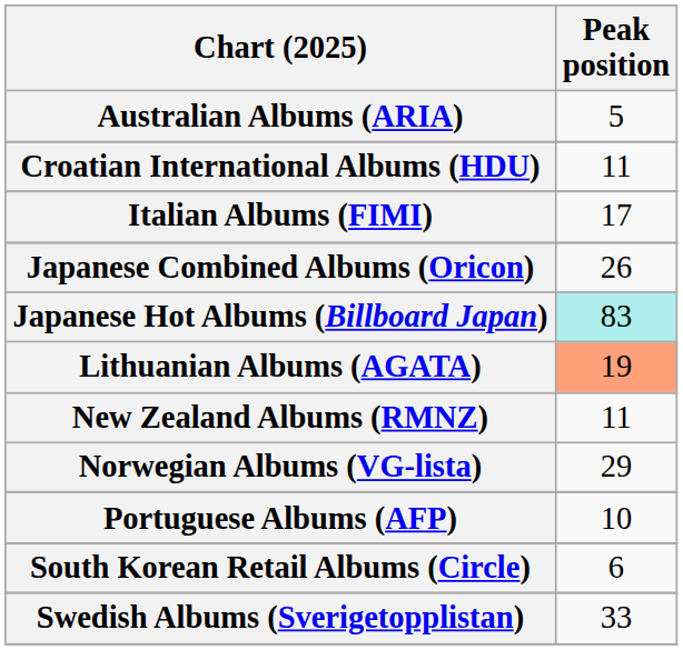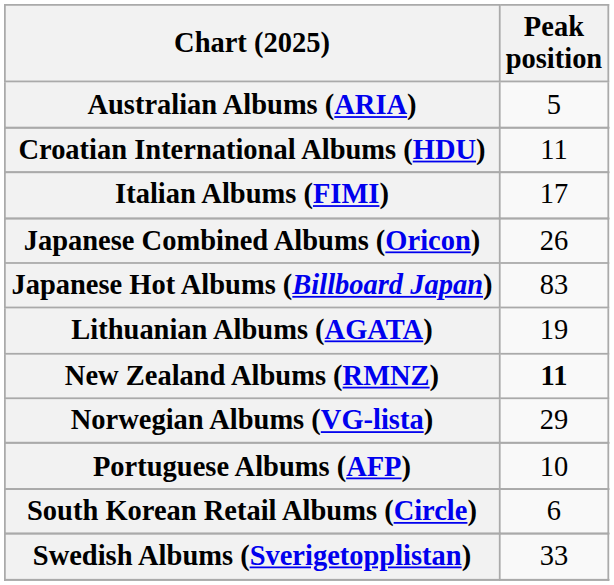 <table class="wikitable sortable plainrowheaders" style="text-align:center">
 <tr>
 <th scope="col">Chart (2025)</th>
 <th scope="col">Peak<br>position</th>
 </tr>
 <tr>
 <th scope="row">Australian Albums (<a href='#'>ARIA</a>)</th>
 <td>5</td>
 </tr>
 <tr>
 </tr>
 <tr>
 </tr>
 <tr>
 </tr>
 <tr>
 </tr>
 <tr>
 <th scope="row">Croatian International Albums (<a href='#'>HDU</a>)</th>
 <td>11</td>
 </tr>
 <tr>
 </tr>
 <tr>
 </tr>
 <tr>
 </tr>
 <tr>
 </tr>
 <tr>
 </tr>
 <tr>
 </tr>
 <tr>
 <th scope="row">Italian Albums (<a href='#'>FIMI</a>)</th>
 <td>17</td>
 </tr>
 <tr>
 </tr>
 <tr>
 <th scope="row">Japanese Combined Albums (<a href='#'>Oricon</a>)</th>
 <td>26</td>
 </tr>
 <tr>
 <th scope="row">Japanese Hot Albums (<em><a href='#'>Billboard Japan</a></em>)</th>
-<td style="background: paleturquoise;">83</td>
+<td>83</td>
 </tr>
 <tr>
 <th scope="row">Lithuanian Albums (<a href='#'>AGATA</a>)</th>
-<td style="background: lightsalmon;">19</td>
+<td>19</td>
 </tr>
 <tr>
 <th scope="row">New Zealand Albums (<a href='#'>RMNZ</a>)</th>
-<td>11</td>
+<td><strong>11</strong></td>
 </tr>
 <tr>
 <th scope="row">Norwegian Albums (<a href='#'>VG-lista</a>)</th>
 <td>29</td>
 </tr>
 <tr>
 </tr>
 <tr>
 <th scope="row">Portuguese Albums (<a href='#'>AFP</a>)</th>
 <td>10</td>
 </tr>
 <tr>
 </tr>
 <tr>
 <th scope="row">South Korean Retail Albums (<a href='#'>Circle</a>)</th>
 <td>6</td>
 </tr>
 <tr>
 </tr>
 <tr>
 <th scope="row">Swedish Albums (<a href='#'>Sverigetopplistan</a>)</th>
 <td>33</td>
 </tr>
 <tr>
 </tr>
 <tr>
 </tr>
 <tr>
 </tr>
 </table>
